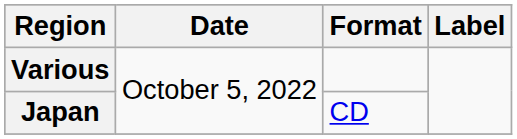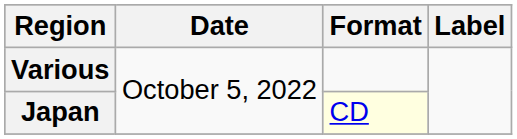 <table class="wikitable plainrowheaders">
 <tr>
 <th>Region</th>
 <th>Date</th>
 <th>Format</th>
 <th>Label</th>
 </tr>
 <tr>
 <th scope="row">Various</th>
 <td rowspan="2">October 5, 2022</td>
 <td></td>
 <td rowspan="2"></td>
 </tr>
 <tr>
 <th scope="row">Japan</th>
-<td><a href='#'>CD</a></td>
+<td style="background: lightyellow;"><a href='#'>CD</a></td>
 </tr>
 </table>
